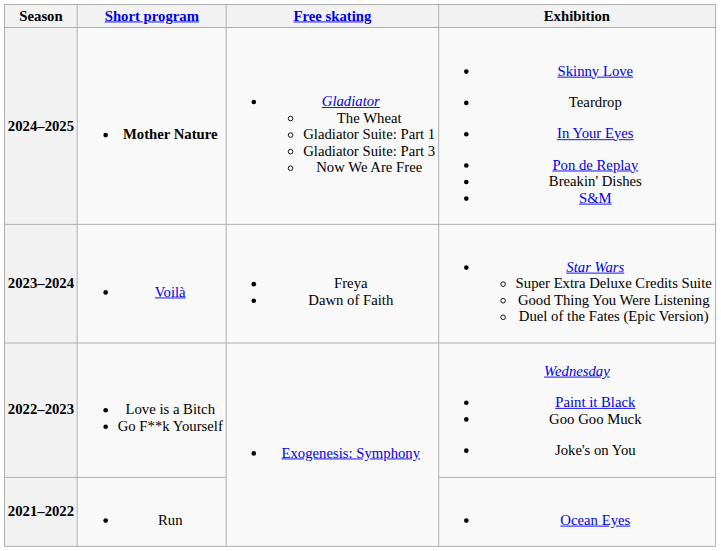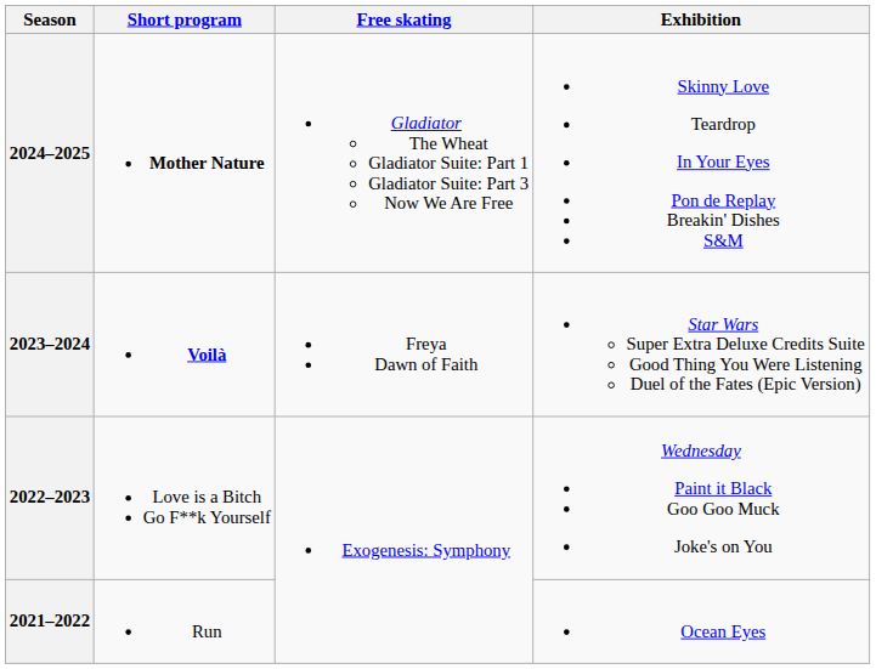 <table class="wikitable" style="text-align:center">
 <tr>
 <th>Season</th>
 <th><a href='#'>Short program</a></th>
 <th><a href='#'>Free skating</a></th>
 <th>Exhibition</th>
 </tr>
 <tr>
 <th>2024–2025 <br> </th>
 <td><strong><br><ul><li>Mother Nature <br> </li></ul></strong></td>
 <td><br><ul><li><em><a href='#'>Gladiator</a></em><ul><li>The Wheat</li><li>Gladiator Suite: Part 1</li><li>Gladiator Suite: Part 3</li><li>Now We Are Free <br> </li></ul></li></ul></td>
 <td><br><ul><li><a href='#'>Skinny Love</a> <br> </li></ul><ul><li>Teardrop <br> </li></ul><ul><li><a href='#'>In Your Eyes</a> <br></li></ul><ul><li><a href='#'>Pon de Replay</a></li><li>Breakin' Dishes</li><li><a href='#'>S&M</a> <br></li></ul></td>
 </tr>
 <tr>
 <th>2023–2024 <br> </th>
-<td><br><ul><li><a href='#'>Voilà</a> <br> </li></ul></td>
+<td><strong><br><ul><li><a href='#'>Voilà</a> <br> </li></ul></strong></td>
 <td><br><ul><li>Freya <br></li><li>Dawn of Faith <br> </li></ul></td>
 <td><br><ul><li><em><a href='#'>Star Wars</a></em><ul><li>Super Extra Deluxe Credits Suite <br> </li><li>Good Thing You Were Listening <br> </li><li>Duel of the Fates (Epic Version) <br></li></ul></li></ul></td>
 </tr>
 <tr>
 <th>2022–2023 <br> </th>
 <td><br><ul><li>Love is a Bitch</li><li>Go F**k Yourself <br></li></ul></td>
 <td rowspan=2><br><ul><li><a href='#'>Exogenesis: Symphony</a> <br> </li></ul></td>
 <td><br><em><a href='#'>Wednesday</a></em><ul><li><a href='#'>Paint it Black</a> <br> </li><li>Goo Goo Muck <br> </li></ul><ul><li>Joke's on You <br> </li></ul></td>
 </tr>
 <tr>
 <th>2021–2022 <br> </th>
 <td><br><ul><li>Run <br> </li></ul></td>
 <td><br><ul><li><a href='#'>Ocean Eyes</a> <br> </li></ul></td>
 </tr>
 </table>
